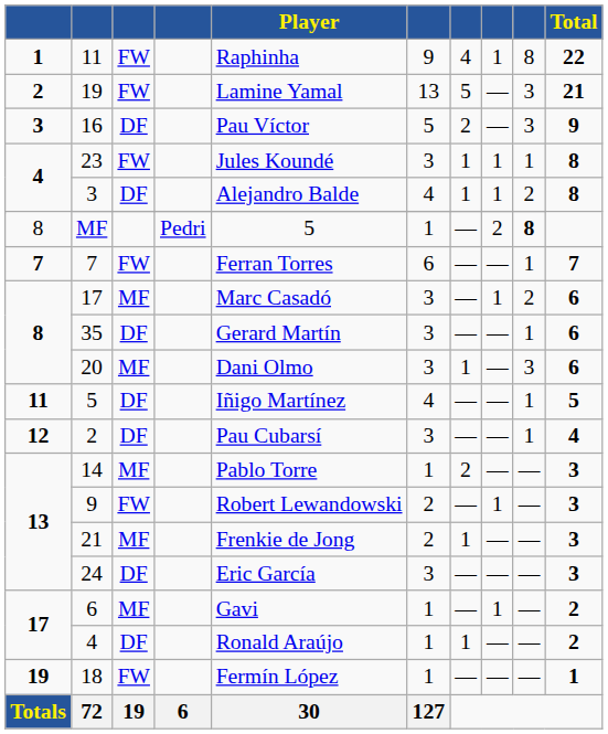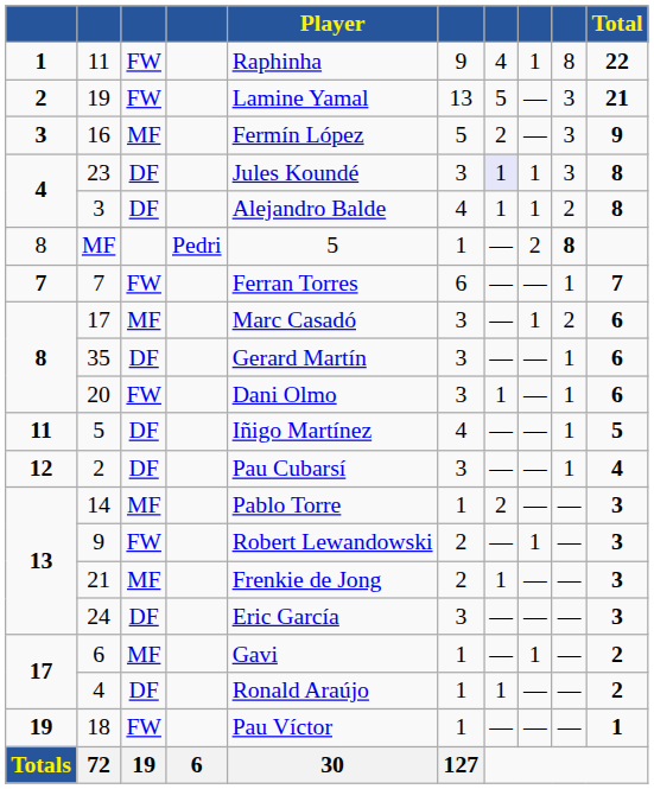 <table class="wikitable" style="text-align:center">
 <tr>
 <th style="background:#26559B;color:#FFF000;"></th>
 <th style="background:#26559B;color:#FFF000;"></th>
 <th style="background:#26559B;color:#FFF000;"></th>
 <th style="background:#26559B;color:#FFF000;"></th>
 <th style="background:#26559B;color:#FFF000;">Player</th>
 <th style="background:#26559B;color:#FFF000;"></th>
 <th style="background:#26559B;color:#FFF000;"></th>
 <th style="background:#26559B;color:#FFF000;"></th>
 <th style="background:#26559B;color:#FFF000;"></th>
 <th style="background:#26559B;color:#FFF000;">Total</th>
 </tr>
 <tr>
 <td rowspan=1><strong>1</strong></td>
 <td>11</td>
 <td><a href='#'>FW</a></td>
 <td></td>
 <td style="text-align:left"><a href='#'>Raphinha</a></td>
 <td>9</td>
 <td>4</td>
 <td>1</td>
 <td>8</td>
 <td><strong>22</strong></td>
 </tr>
 <tr>
 <td><strong>2</strong></td>
 <td>19</td>
 <td><a href='#'>FW</a></td>
 <td></td>
 <td style="text-align:left"><a href='#'>Lamine Yamal</a></td>
 <td>13</td>
 <td>5</td>
 <td>—</td>
 <td>3</td>
 <td><strong>21</strong></td>
 </tr>
 <tr>
 <td><strong>3</strong></td>
 <td>16</td>
-<td><a href='#'>DF</a></td>
+<td><a href='#'>MF</a></td>
 <td></td>
-<td style="text-align:left"><a href='#'>Pau Víctor</a></td>
+<td style="text-align:left"><a href='#'>Fermín López</a></td>
 <td>5</td>
 <td>2</td>
 <td>—</td>
 <td>3</td>
 <td><strong>9</strong></td>
 </tr>
 <tr>
 <td rowspan=3><strong>4</strong></td>
 <td>23</td>
-<td><a href='#'>FW</a></td>
+<td><a href='#'>DF</a></td>
 <td></td>
 <td style="text-align:left"><a href='#'>Jules Koundé</a></td>
 <td>3</td>
+<td style="background: lavender;">1</td>
 <td>1</td>
-<td>1</td>
-<td>1</td>
+<td>3</td>
 <td><strong>8</strong></td>
 </tr>
 <tr>
 <td>3</td>
 <td><a href='#'>DF</a></td>
 <td></td>
 <td style="text-align:left"><a href='#'>Alejandro Balde</a></td>
 <td>4</td>
 <td>1</td>
 <td>1</td>
 <td>2</td>
 <td><strong>8</strong></td>
 </tr>
 <tr>
 </tr>
 <tr>
 <td>8</td>
 <td><a href='#'>MF</a></td>
 <td></td>
 <td style="text-align:left"><a href='#'>Pedri</a></td>
 <td>5</td>
 <td>1</td>
 <td>—</td>
 <td>2</td>
 <td><strong>8</strong></td>
 </tr>
 <tr>
 <td rowspan=1><strong>7</strong></td>
 <td>7</td>
 <td><a href='#'>FW</a></td>
 <td></td>
 <td style="text-align:left"><a href='#'>Ferran Torres</a></td>
 <td>6</td>
 <td>—</td>
 <td>—</td>
 <td>1</td>
 <td><strong>7</strong></td>
 </tr>
 <tr>
 <td rowspan=3><strong>8</strong></td>
 <td>17</td>
 <td><a href='#'>MF</a></td>
 <td></td>
 <td style="text-align:left"><a href='#'>Marc Casadó</a></td>
 <td>3</td>
 <td>—</td>
 <td>1</td>
 <td>2</td>
 <td><strong>6</strong></td>
 </tr>
 <tr>
 <td>35</td>
 <td><a href='#'>DF</a></td>
 <td></td>
 <td style="text-align:left"><a href='#'>Gerard Martín</a></td>
 <td>3</td>
 <td>—</td>
 <td>—</td>
 <td>1</td>
 <td><strong>6</strong></td>
 </tr>
 <tr>
 <td>20</td>
-<td><a href='#'>MF</a></td>
+<td><a href='#'>FW</a></td>
 <td></td>
 <td style="text-align:left"><a href='#'>Dani Olmo</a></td>
 <td>3</td>
 <td>1</td>
 <td>—</td>
-<td>3</td>
+<td>1</td>
 <td><strong>6</strong></td>
 </tr>
 <tr>
 <td rowspan=1><strong>11</strong></td>
 <td>5</td>
 <td><a href='#'>DF</a></td>
 <td></td>
 <td style="text-align:left"><a href='#'>Iñigo Martínez</a></td>
 <td>4</td>
 <td>—</td>
 <td>—</td>
 <td>1</td>
 <td><strong>5</strong></td>
 </tr>
 <tr>
 <td rowspan=1><strong>12</strong></td>
 <td>2</td>
 <td><a href='#'>DF</a></td>
 <td></td>
 <td style="text-align:left"><a href='#'>Pau Cubarsí</a></td>
 <td>3</td>
 <td>—</td>
 <td>—</td>
 <td>1</td>
 <td><strong>4</strong></td>
 </tr>
 <tr>
 <td rowspan=4><strong>13</strong></td>
 <td>14</td>
 <td><a href='#'>MF</a></td>
 <td></td>
 <td style="text-align:left"><a href='#'>Pablo Torre</a></td>
 <td>1</td>
 <td>2</td>
 <td>—</td>
 <td>—</td>
 <td><strong>3</strong></td>
 </tr>
 <tr>
 <td>9</td>
 <td><a href='#'>FW</a></td>
 <td></td>
 <td style="text-align:left"><a href='#'>Robert Lewandowski</a></td>
 <td>2</td>
 <td>—</td>
 <td>1</td>
 <td>—</td>
 <td><strong>3</strong></td>
 </tr>
 <tr>
 <td>21</td>
 <td><a href='#'>MF</a></td>
 <td></td>
 <td style="text-align:left"><a href='#'>Frenkie de Jong</a></td>
 <td>2</td>
 <td>1</td>
 <td>—</td>
 <td>—</td>
 <td><strong>3</strong></td>
 </tr>
 <tr>
 <td>24</td>
 <td><a href='#'>DF</a></td>
 <td></td>
 <td style="text-align:left"><a href='#'>Eric García</a></td>
 <td>3</td>
 <td>—</td>
 <td>—</td>
 <td>—</td>
 <td><strong>3</strong></td>
 </tr>
 <tr>
 <td rowspan=2><strong>17</strong></td>
 <td>6</td>
 <td><a href='#'>MF</a></td>
 <td></td>
 <td style="text-align:left"><a href='#'>Gavi</a></td>
 <td>1</td>
 <td>—</td>
 <td>1</td>
 <td>—</td>
 <td><strong>2</strong></td>
 </tr>
 <tr>
 <td>4</td>
 <td><a href='#'>DF</a></td>
 <td></td>
 <td style="text-align:left"><a href='#'>Ronald Araújo</a></td>
 <td>1</td>
 <td>1</td>
 <td>—</td>
 <td>—</td>
 <td><strong>2</strong></td>
 </tr>
 <tr>
 <td rowspan=1><strong>19</strong></td>
 <td>18</td>
 <td><a href='#'>FW</a></td>
 <td></td>
-<td style="text-align:left"><a href='#'>Fermín López</a></td>
+<td style="text-align:left"><a href='#'>Pau Víctor</a></td>
 <td>1</td>
 <td>—</td>
 <td>—</td>
 <td>—</td>
 <td><strong>1</strong></td>
 </tr>
 <tr>
 <th style="background:#26559B; color:#FFF000; ">Totals</th>
 <th>72</th>
 <th>19</th>
 <th>6</th>
 <th>30</th>
 <th>127</th>
 </tr>
 </table>
